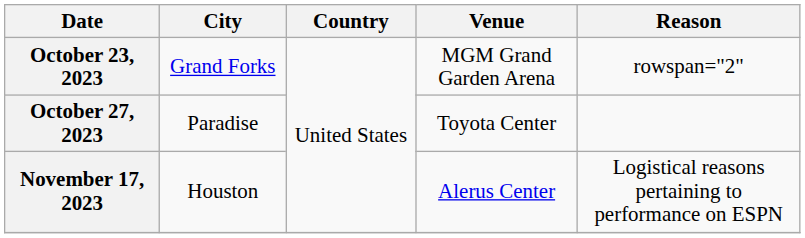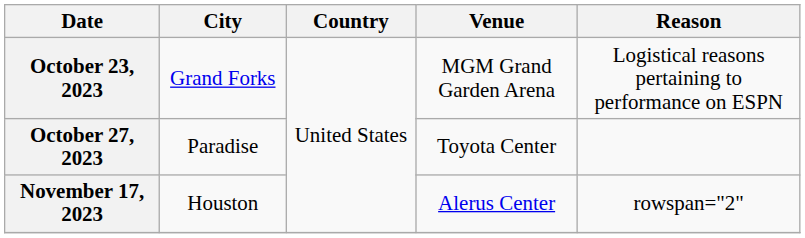 <table class="wikitable" style="text-align:center;">
 <tr>
 <th scope="col" style="width:12em;">Date</th>
 <th scope="col" style="width:10em;">City</th>
 <th scope="col" style="width:10em;">Country</th>
 <th scope="col" style="width:16em;">Venue</th>
 <th scope="col" style="width:20em;">Reason</th>
 </tr>
 <tr>
 <th scope="row" style="text-align:center;">October 23, 2023</th>
 <td><a href='#'>Grand Forks</a></td>
 <td rowspan="3">United States</td>
 <td>MGM Grand Garden Arena</td>
-<td>rowspan="2" </td>
+<td>Logistical reasons pertaining to performance on ESPN</td>
 </tr>
 <tr>
 <th scope="row" style="text-align:center;">October 27, 2023</th>
 <td>Paradise</td>
 <td>Toyota Center</td>
 </tr>
 <tr>
 <th scope="row" style="text-align:center;">November 17, 2023</th>
 <td>Houston</td>
 <td><a href='#'>Alerus Center</a></td>
-<td>Logistical reasons pertaining to performance on ESPN</td>
+<td>rowspan="2" </td>
 </tr>
 <tr>
 </tr>
 </table>
